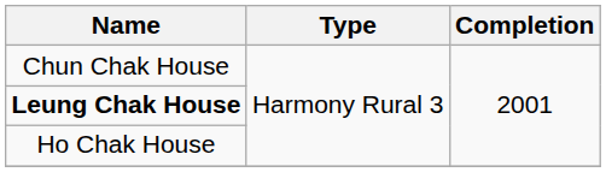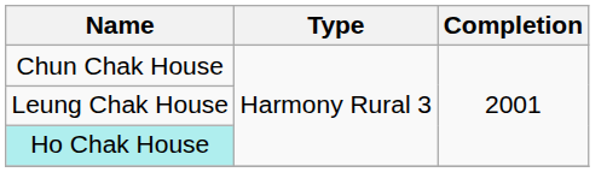 <table class="wikitable" style="text-align: center">
 <tr>
 <th>Name</th>
 <th>Type</th>
 <th>Completion</th>
 </tr>
 <tr>
 <td>Chun Chak House</td>
 <td rowspan="3">Harmony Rural 3</td>
 <td rowspan="3">2001</td>
 </tr>
 <tr>
-<td><strong>Leung Chak House</strong></td>
+<td>Leung Chak House</td>
 </tr>
 <tr>
-<td>Ho Chak House</td>
+<td style="background: paleturquoise;">Ho Chak House</td>
 </tr>
 <tr>
 </tr>
 </table>
